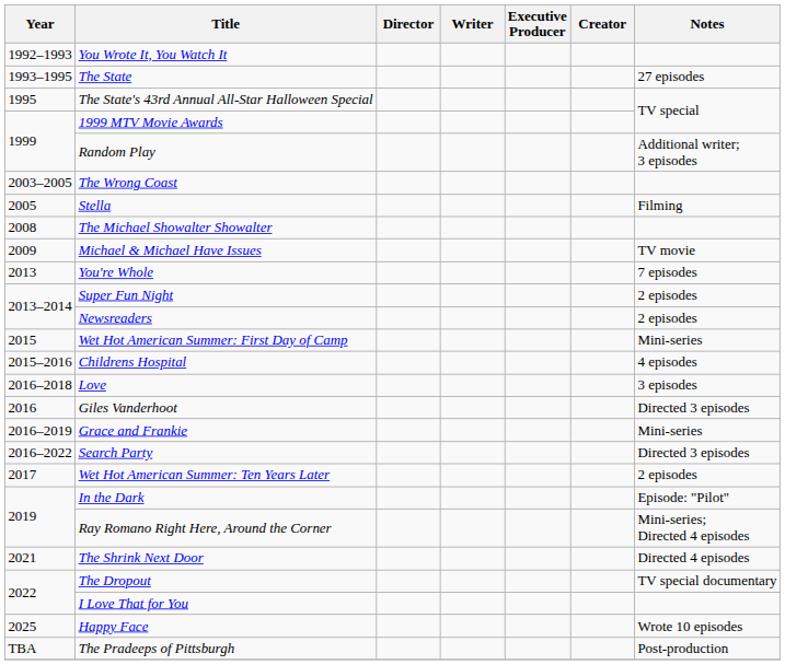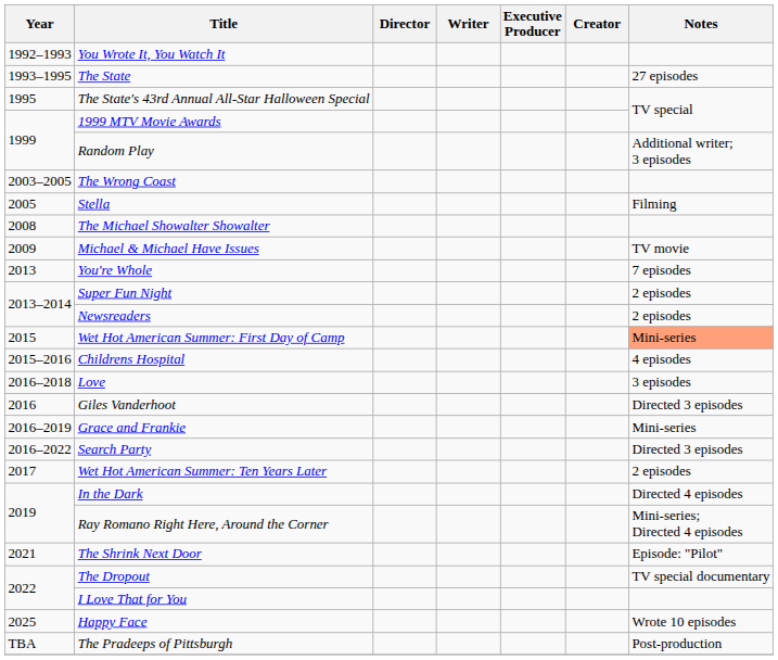 <table class="wikitable">
 <tr>
 <th>Year</th>
 <th>Title</th>
 <th width=65>Director</th>
 <th width=65>Writer</th>
 <th width=65>Executive<br>Producer</th>
 <th width=65>Creator</th>
 <th>Notes</th>
 </tr>
 <tr>
 <td>1992–1993</td>
 <td><em><a href='#'>You Wrote It, You Watch It</a></em></td>
 <td></td>
 <td></td>
 <td></td>
 <td></td>
 <td></td>
 </tr>
 <tr>
 <td>1993–1995</td>
 <td><em><a href='#'>The State</a></em></td>
 <td></td>
 <td></td>
 <td></td>
 <td></td>
 <td>27 episodes</td>
 </tr>
 <tr>
 <td>1995</td>
 <td><em>The State's 43rd Annual All-Star Halloween Special</em></td>
 <td></td>
 <td></td>
 <td></td>
 <td></td>
 <td rowspan="2">TV special</td>
 </tr>
 <tr>
 <td rowspan="2">1999</td>
 <td><em><a href='#'>1999 MTV Movie Awards</a></em></td>
 <td></td>
 <td></td>
 <td></td>
 <td></td>
 </tr>
 <tr>
 <td><em>Random Play</em></td>
 <td></td>
 <td></td>
 <td></td>
 <td></td>
 <td>Additional writer;<br>3 episodes</td>
 </tr>
 <tr>
 <td>2003–2005</td>
 <td><em><a href='#'>The Wrong Coast</a></em></td>
 <td></td>
 <td></td>
 <td></td>
 <td></td>
 <td></td>
 </tr>
 <tr>
 <td>2005</td>
 <td><em><a href='#'>Stella</a></em></td>
 <td></td>
 <td></td>
 <td></td>
 <td></td>
 <td>Filming</td>
 </tr>
 <tr>
 <td>2008</td>
 <td><em><a href='#'>The Michael Showalter Showalter</a></em></td>
 <td></td>
 <td></td>
 <td></td>
 <td></td>
 <td></td>
 </tr>
 <tr>
 <td>2009</td>
 <td><em><a href='#'>Michael & Michael Have Issues</a></em></td>
 <td></td>
 <td></td>
 <td></td>
 <td></td>
 <td>TV movie</td>
 </tr>
 <tr>
 <td>2013</td>
 <td><em><a href='#'>You're Whole</a></em></td>
 <td></td>
 <td></td>
 <td></td>
 <td></td>
 <td>7 episodes</td>
 </tr>
 <tr>
 <td rowspan="2">2013–2014</td>
 <td><em><a href='#'>Super Fun Night</a></em></td>
 <td></td>
 <td></td>
 <td></td>
 <td></td>
 <td>2 episodes</td>
 </tr>
 <tr>
 <td><em><a href='#'>Newsreaders</a></em></td>
 <td></td>
 <td></td>
 <td></td>
 <td></td>
 <td>2 episodes</td>
 </tr>
 <tr>
 <td>2015</td>
 <td><em><a href='#'>Wet Hot American Summer: First Day of Camp</a></em></td>
 <td></td>
 <td></td>
 <td></td>
 <td></td>
-<td>Mini-series</td>
+<td style="background: lightsalmon;">Mini-series</td>
 </tr>
 <tr>
 <td>2015–2016</td>
 <td><em><a href='#'>Childrens Hospital</a></em></td>
 <td></td>
 <td></td>
 <td></td>
 <td></td>
 <td>4 episodes</td>
 </tr>
 <tr>
 <td>2016–2018</td>
 <td><em><a href='#'>Love</a></em></td>
 <td></td>
 <td></td>
 <td></td>
 <td></td>
 <td>3 episodes</td>
 </tr>
 <tr>
 <td>2016</td>
 <td><em>Giles Vanderhoot</em></td>
 <td></td>
 <td></td>
 <td></td>
 <td></td>
 <td>Directed 3 episodes</td>
 </tr>
 <tr>
 <td>2016–2019</td>
 <td><em><a href='#'>Grace and Frankie</a></em></td>
 <td></td>
 <td></td>
 <td></td>
 <td></td>
 <td>Mini-series</td>
 </tr>
 <tr>
 <td>2016–2022</td>
 <td><em><a href='#'>Search Party</a></em></td>
 <td></td>
 <td></td>
 <td></td>
 <td></td>
 <td>Directed 3 episodes</td>
 </tr>
 <tr>
 <td>2017</td>
 <td><em><a href='#'>Wet Hot American Summer: Ten Years Later</a></em></td>
 <td></td>
 <td></td>
 <td></td>
 <td></td>
 <td>2 episodes</td>
 </tr>
 <tr>
 <td rowspan="2">2019</td>
 <td><em><a href='#'>In the Dark</a></em></td>
 <td></td>
 <td></td>
 <td></td>
 <td></td>
-<td>Episode: "Pilot"</td>
+<td>Directed 4 episodes</td>
 </tr>
 <tr>
 <td><em>Ray Romano Right Here, Around the Corner</em></td>
 <td></td>
 <td></td>
 <td></td>
 <td></td>
 <td>Mini-series;<br>Directed 4 episodes</td>
 </tr>
 <tr>
 <td>2021</td>
 <td><em><a href='#'>The Shrink Next Door</a></em></td>
 <td></td>
 <td></td>
 <td></td>
 <td></td>
-<td>Directed 4 episodes</td>
+<td>Episode: "Pilot"</td>
 </tr>
 <tr>
 <td rowspan="2">2022</td>
 <td><em><a href='#'>The Dropout</a></em></td>
 <td></td>
 <td></td>
 <td></td>
 <td></td>
 <td>TV special documentary</td>
 </tr>
 <tr>
 <td><em><a href='#'>I Love That for You</a></em></td>
 <td></td>
 <td></td>
 <td></td>
 <td></td>
 <td></td>
 </tr>
 <tr>
 <td>2025</td>
 <td><em><a href='#'>Happy Face</a></em></td>
 <td></td>
 <td></td>
 <td></td>
 <td></td>
 <td>Wrote 10 episodes</td>
 </tr>
 <tr>
 <td>TBA</td>
 <td><em>The Pradeeps of Pittsburgh</em></td>
 <td></td>
 <td></td>
 <td></td>
 <td></td>
 <td>Post-production</td>
 </tr>
 <tr>
 </tr>
 </table>
